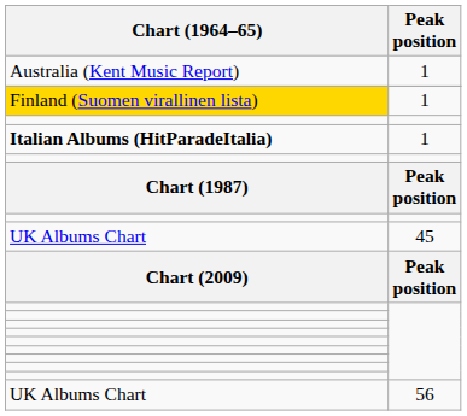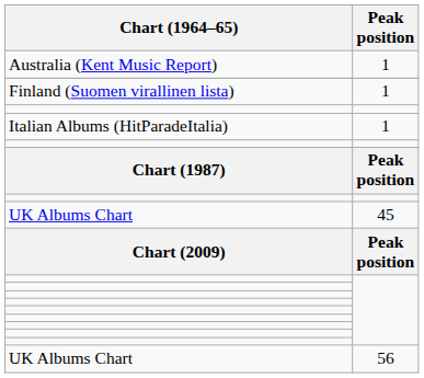 <table class="wikitable sortable">
 <tr>
 <th style="width:20em;">Chart (1964–65)</th>
 <th>Peak<br>position</th>
 </tr>
 <tr>
 <td>Australia (<a href='#'>Kent Music Report</a>)</td>
 <td align="center">1</td>
 </tr>
 <tr>
 </tr>
 <tr>
-<td style="background: gold;">Finland (<a href='#'>Suomen virallinen lista</a>)</td>
+<td>Finland (<a href='#'>Suomen virallinen lista</a>)</td>
 <td align="center">1</td>
 </tr>
 <tr>
 <td></td>
 </tr>
 <tr>
-<td><strong>Italian Albums (HitParadeItalia)</strong></td>
+<td>Italian Albums (HitParadeItalia)</td>
 <td style="text-align:center;">1</td>
 </tr>
 <tr>
 <td></td>
 </tr>
 <tr>
 <th style="width:20em;">Chart (1987)</th>
 <th>Peak<br>position</th>
 </tr>
 <tr>
 <td></td>
 </tr>
 <tr>
 <td align="left"><a href='#'>UK Albums Chart</a></td>
 <td align="center">45</td>
 </tr>
 <tr>
 <th style="width:20em;">Chart (2009)</th>
 <th>Peak<br>position</th>
 </tr>
 <tr>
 <td></td>
 </tr>
 <tr>
 <td></td>
 </tr>
 <tr>
 <td></td>
 </tr>
 <tr>
 <td></td>
 </tr>
 <tr>
 <td></td>
 </tr>
 <tr>
 <td></td>
 </tr>
 <tr>
 <td></td>
 </tr>
 <tr>
 <td></td>
 </tr>
 <tr>
 <td></td>
 </tr>
 <tr>
 <td align="left">UK Albums Chart</td>
 <td align="center">56</td>
 </tr>
 </table>
